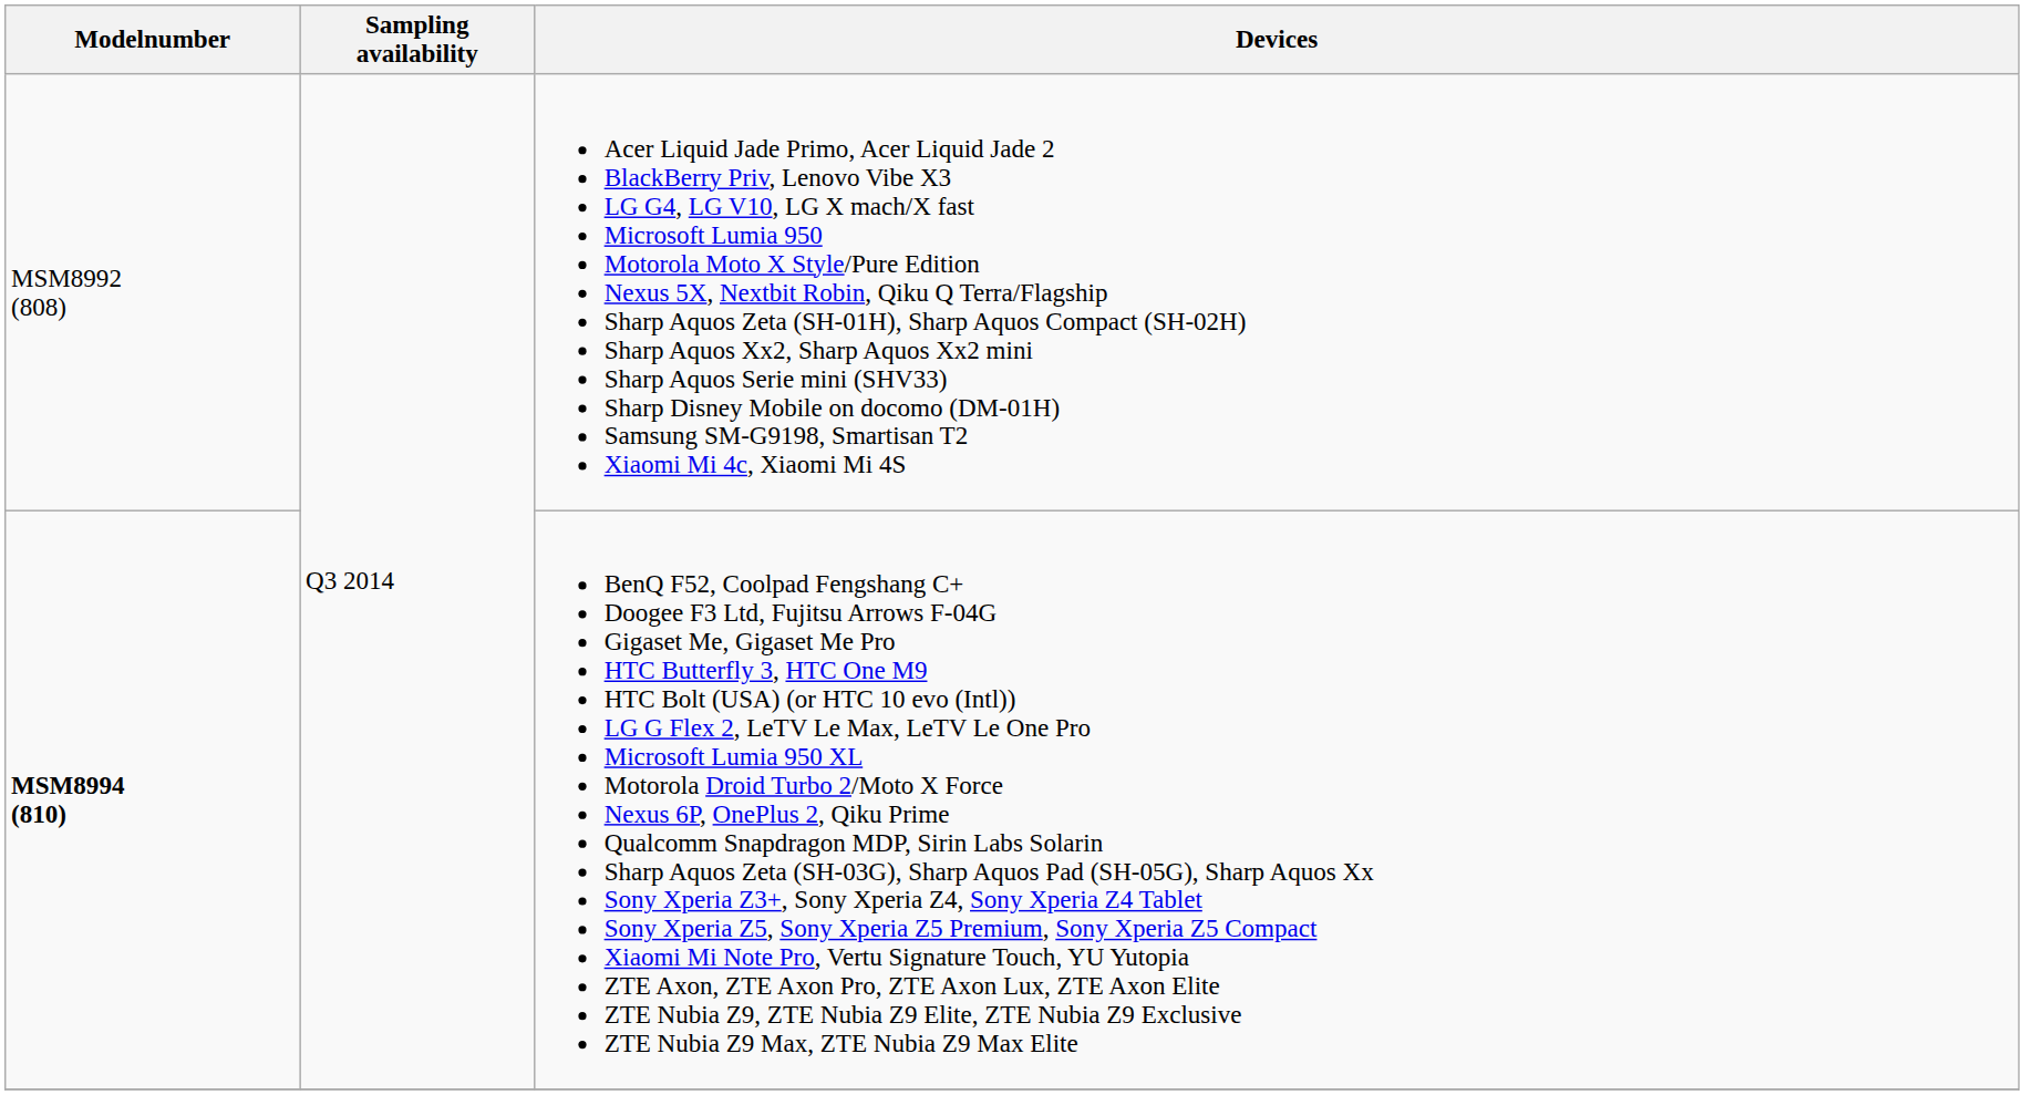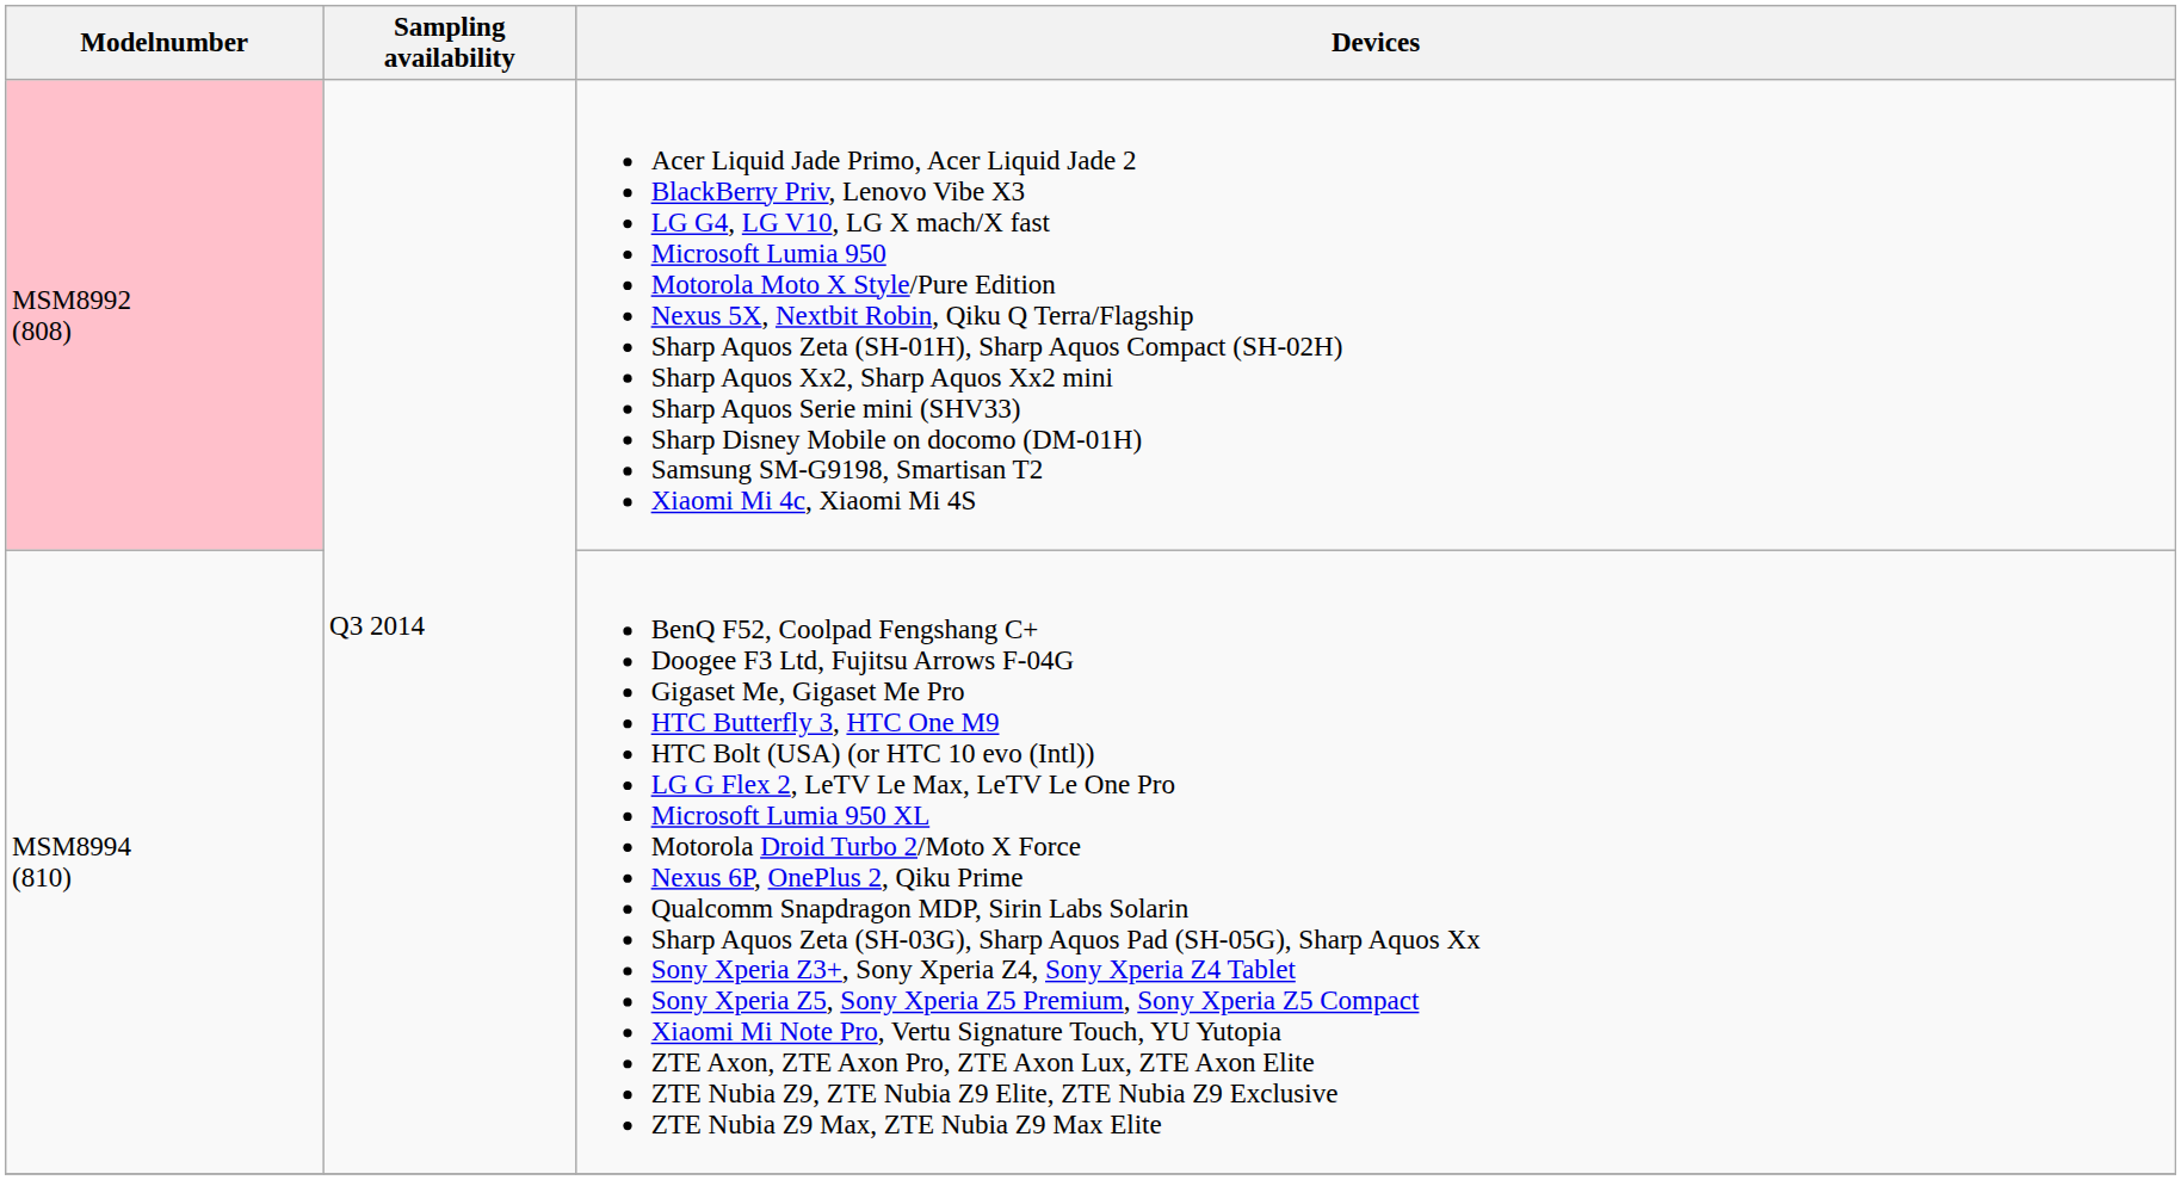 <table class="wikitable" style="width:100%">
 <tr>
 <th>Modelnumber</th>
 <th>Sampling<br>availability</th>
 <th>Devices</th>
 </tr>
 <tr>
-<td>MSM8992 <br>(808)</td>
+<td style="background: pink;">MSM8992 <br>(808)</td>
 <td rowspan="2">Q3 2014</td>
 <td><br><ul><li>Acer Liquid Jade Primo, Acer Liquid Jade 2</li><li><a href='#'>BlackBerry Priv</a>, Lenovo Vibe X3</li><li><a href='#'>LG G4</a>, <a href='#'>LG V10</a>, LG X mach/X fast</li><li><a href='#'>Microsoft Lumia 950</a></li><li><a href='#'>Motorola Moto X Style</a>/Pure Edition</li><li><a href='#'>Nexus 5X</a>, <a href='#'>Nextbit Robin</a>, Qiku Q Terra/Flagship</li><li>Sharp Aquos Zeta (SH-01H), Sharp Aquos Compact (SH-02H)</li><li>Sharp Aquos Xx2, Sharp Aquos Xx2 mini</li><li>Sharp Aquos Serie mini (SHV33)</li><li>Sharp Disney Mobile on docomo (DM-01H)</li><li>Samsung SM-G9198, Smartisan T2</li><li><a href='#'>Xiaomi Mi 4c</a>, Xiaomi Mi 4S</li></ul></td>
 </tr>
 <tr>
-<td><strong>MSM8994 <br>(810)</strong></td>
+<td>MSM8994 <br>(810)</td>
 <td><br><ul><li>BenQ F52, Coolpad Fengshang C+</li><li>Doogee F3 Ltd, Fujitsu Arrows F-04G</li><li>Gigaset Me, Gigaset Me Pro</li><li><a href='#'>HTC Butterfly 3</a>, <a href='#'>HTC One M9</a></li><li>HTC Bolt (USA) (or HTC 10 evo (Intl))</li><li><a href='#'>LG G Flex 2</a>, LeTV Le Max, LeTV Le One Pro</li><li><a href='#'>Microsoft Lumia 950 XL</a></li><li>Motorola <a href='#'>Droid Turbo 2</a>/Moto X Force</li><li><a href='#'>Nexus 6P</a>, <a href='#'>OnePlus 2</a>, Qiku Prime</li><li>Qualcomm Snapdragon MDP, Sirin Labs Solarin</li><li>Sharp Aquos Zeta (SH-03G), Sharp Aquos Pad (SH-05G), Sharp Aquos Xx</li><li><a href='#'>Sony Xperia Z3+</a>, Sony Xperia Z4, <a href='#'>Sony Xperia Z4 Tablet</a></li><li><a href='#'>Sony Xperia Z5</a>, <a href='#'>Sony Xperia Z5 Premium</a>, <a href='#'>Sony Xperia Z5 Compact</a></li><li><a href='#'>Xiaomi Mi Note Pro</a>, Vertu Signature Touch, YU Yutopia</li><li>ZTE Axon, ZTE Axon Pro, ZTE Axon Lux, ZTE Axon Elite</li><li>ZTE Nubia Z9, ZTE Nubia Z9 Elite, ZTE Nubia Z9 Exclusive</li><li>ZTE Nubia Z9 Max, ZTE Nubia Z9 Max Elite</li></ul></td>
 </tr>
 <tr>
 </tr>
 </table>
